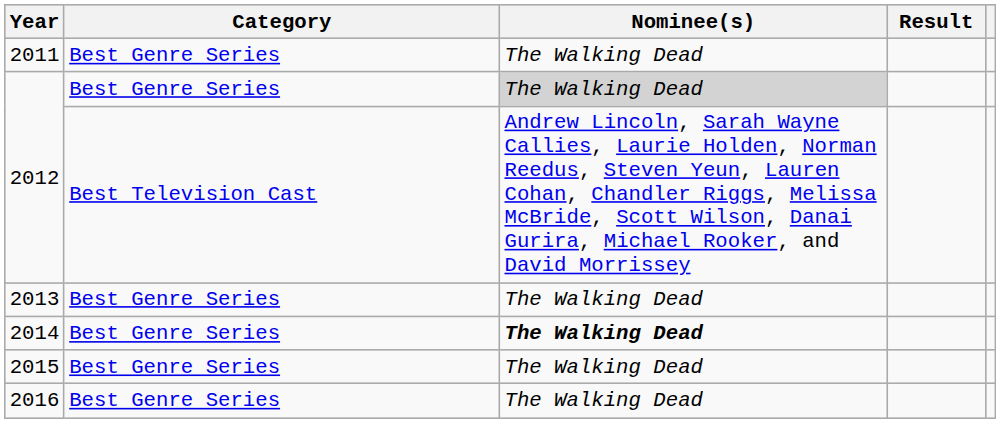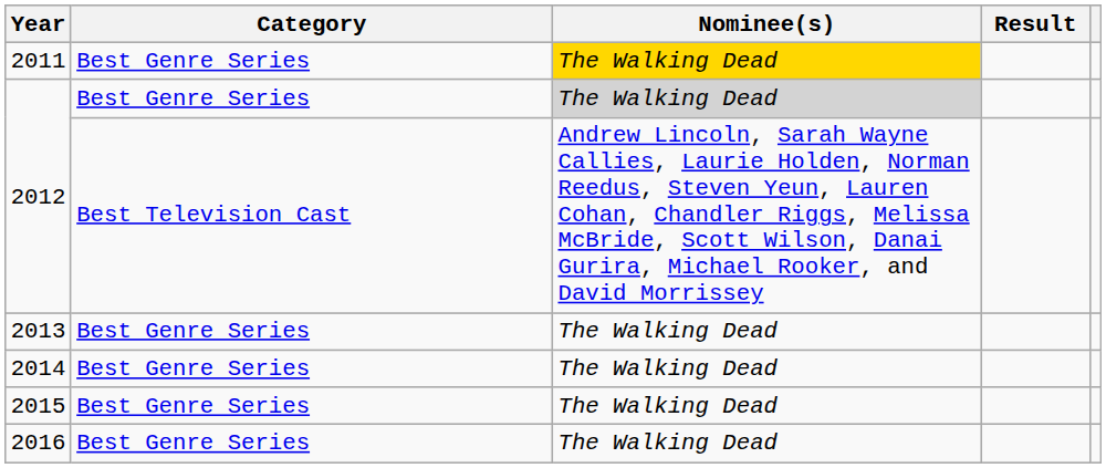 <table class="wikitable" width=100%>
 <tr>
 <th width=5%>Year</th>
 <th width=45%>Category</th>
 <th width=40%>Nominee(s)</th>
 <th width=10%>Result</th>
 <th width=5%></th>
 </tr>
 <tr>
 <td>2011</td>
 <td colspan=1><a href='#'>Best Genre Series</a></td>
-<td><em>The Walking Dead</em></td>
+<td style="background: gold;"><em>The Walking Dead</em></td>
 <td></td>
 <td></td>
 </tr>
 <tr>
 <td rowspan=2>2012</td>
 <td colspan=1><a href='#'>Best Genre Series</a></td>
 <td style="background: lightgrey;"><em> The Walking Dead</em></td>
 <td></td>
 <td></td>
 </tr>
 <tr>
 <td><a href='#'>Best Television Cast</a></td>
 <td><a href='#'>Andrew Lincoln</a>, <a href='#'>Sarah Wayne Callies</a>, <a href='#'>Laurie Holden</a>, <a href='#'>Norman Reedus</a>, <a href='#'>Steven Yeun</a>, <a href='#'>Lauren Cohan</a>, <a href='#'>Chandler Riggs</a>, <a href='#'>Melissa McBride</a>, <a href='#'>Scott Wilson</a>, <a href='#'>Danai Gurira</a>, <a href='#'>Michael Rooker</a>, and <a href='#'>David Morrissey</a></td>
 <td></td>
 <td></td>
 </tr>
 <tr>
 <td>2013</td>
 <td colspan=1><a href='#'>Best Genre Series</a></td>
 <td><em>The Walking Dead</em></td>
 <td></td>
 <td></td>
 </tr>
 <tr>
 <td>2014</td>
 <td colspan=1><a href='#'>Best Genre Series</a></td>
-<td><strong><em>The Walking Dead</em></strong></td>
+<td><em>The Walking Dead</em></td>
 <td></td>
 <td></td>
 </tr>
 <tr>
 <td>2015</td>
 <td colspan=1><a href='#'>Best Genre Series</a></td>
 <td><em>The Walking Dead</em></td>
 <td></td>
 <td></td>
 </tr>
 <tr>
 <td>2016</td>
 <td colspan=1><a href='#'>Best Genre Series</a></td>
 <td><em>The Walking Dead</em></td>
 <td></td>
 <td></td>
 </tr>
 </table>
